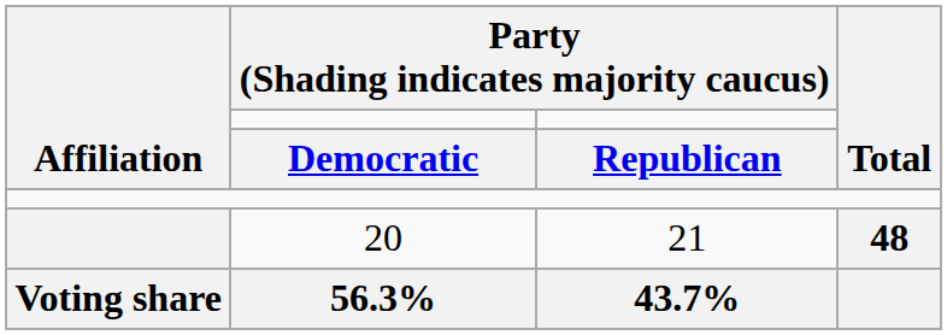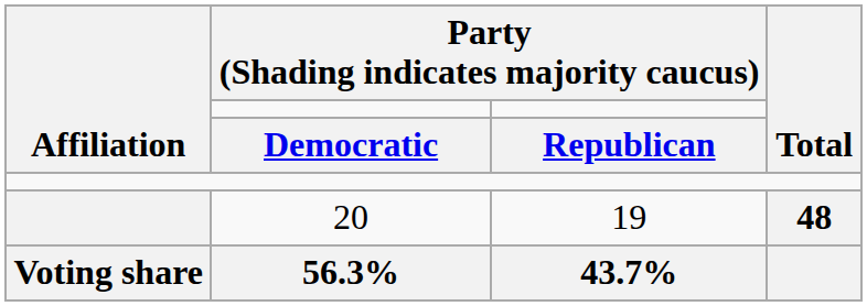 <table class=wikitable style="text-align:center">
 <tr style="vertical-align:bottom;">
 <th rowspan=3>Affiliation</th>
 <th colspan=2>Party <div>(Shading indicates majority caucus)</div></th>
 <th rowspan=3>Total</th>
 </tr>
 <tr style="height:5px">
 <td style="background-color:"></td>
 <td style="background-color:"></td>
 </tr>
 <tr>
 <th><a href='#'>Democratic</a></th>
 <th><a href='#'>Republican</a></th>
 </tr>
 <tr>
 <td colspan=5></td>
 </tr>
 <tr>
 <th nowrap style="font-size:80%"></th>
 <td>20</td>
-<td>21</td>
+<td>19</td>
 <th>48</th>
 </tr>
 <tr>
 <th>Voting share</th>
 <th>56.3%</th>
 <th>43.7%</th>
 <th colspan=2></th>
 </tr>
 </table>
